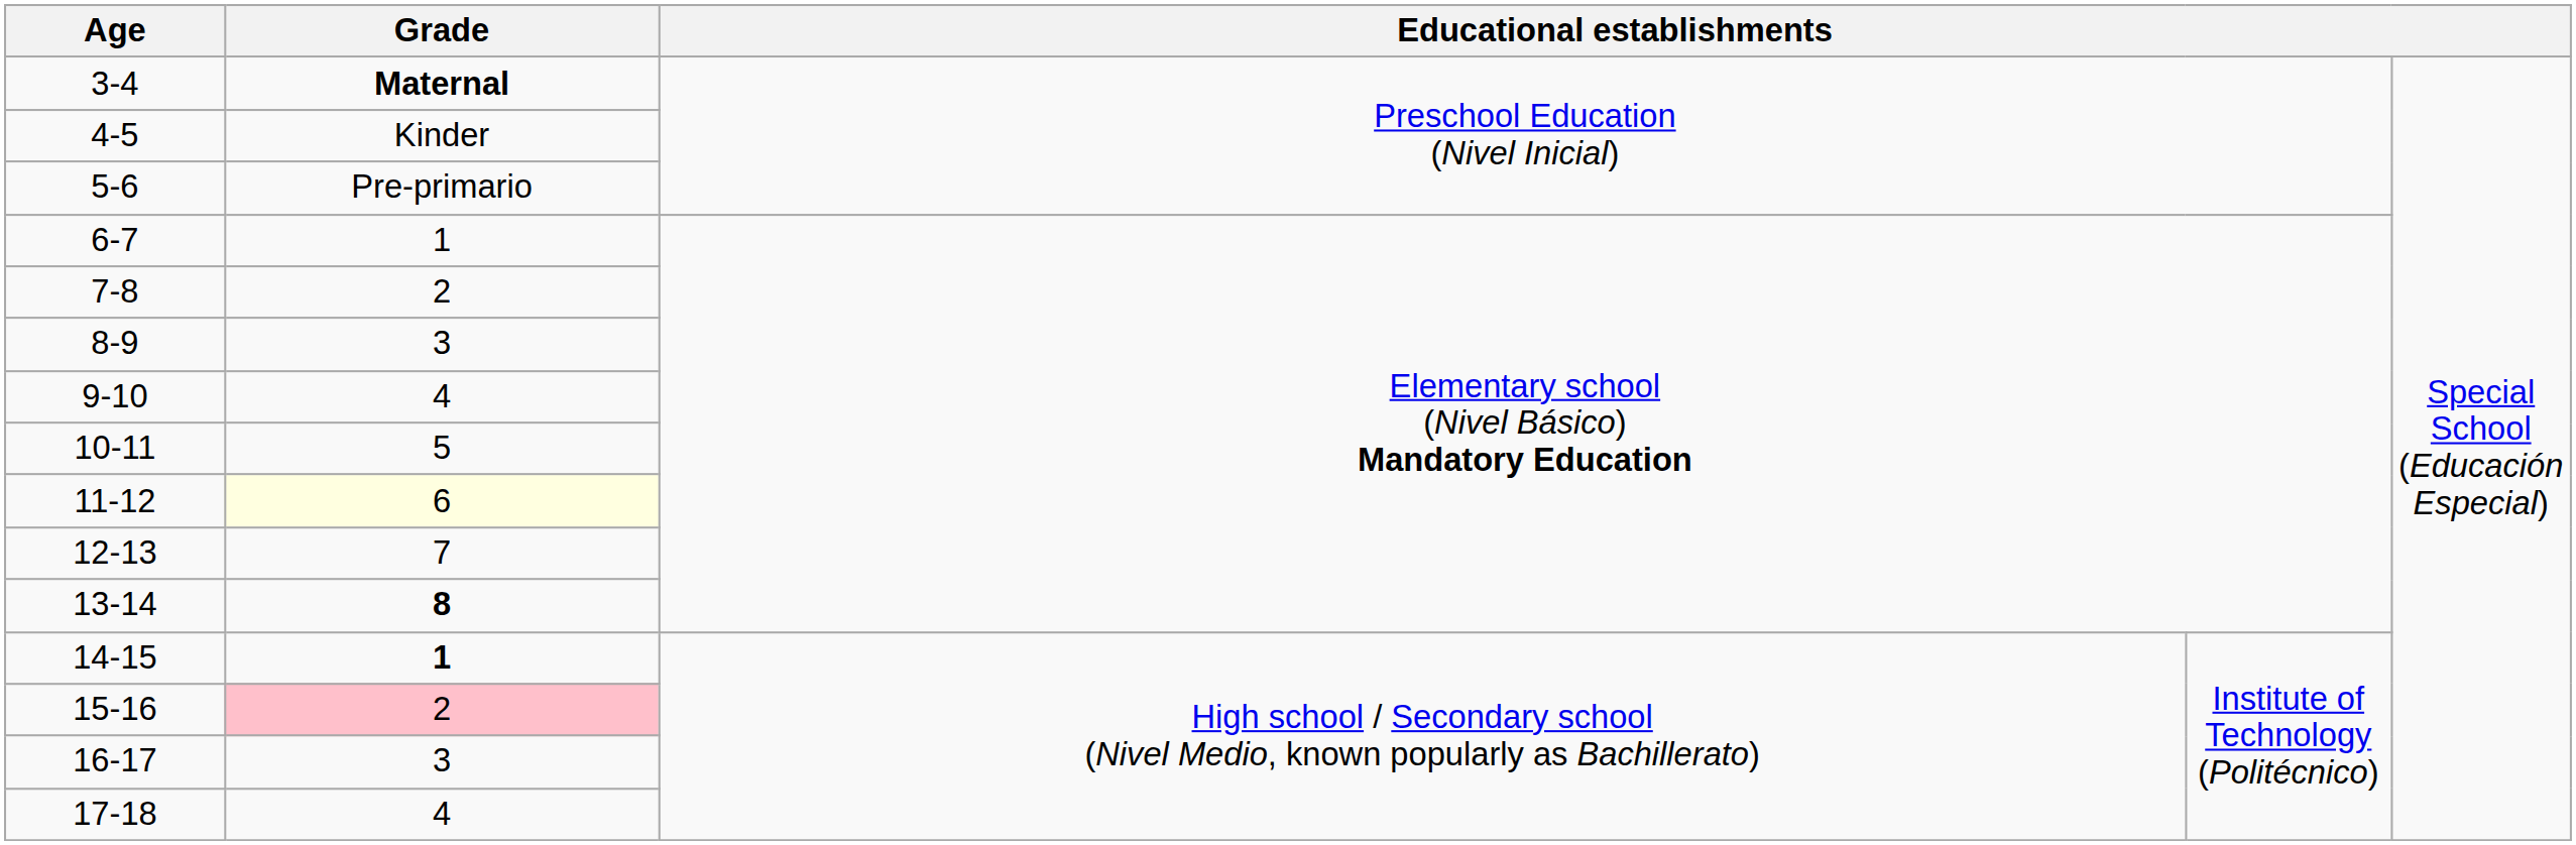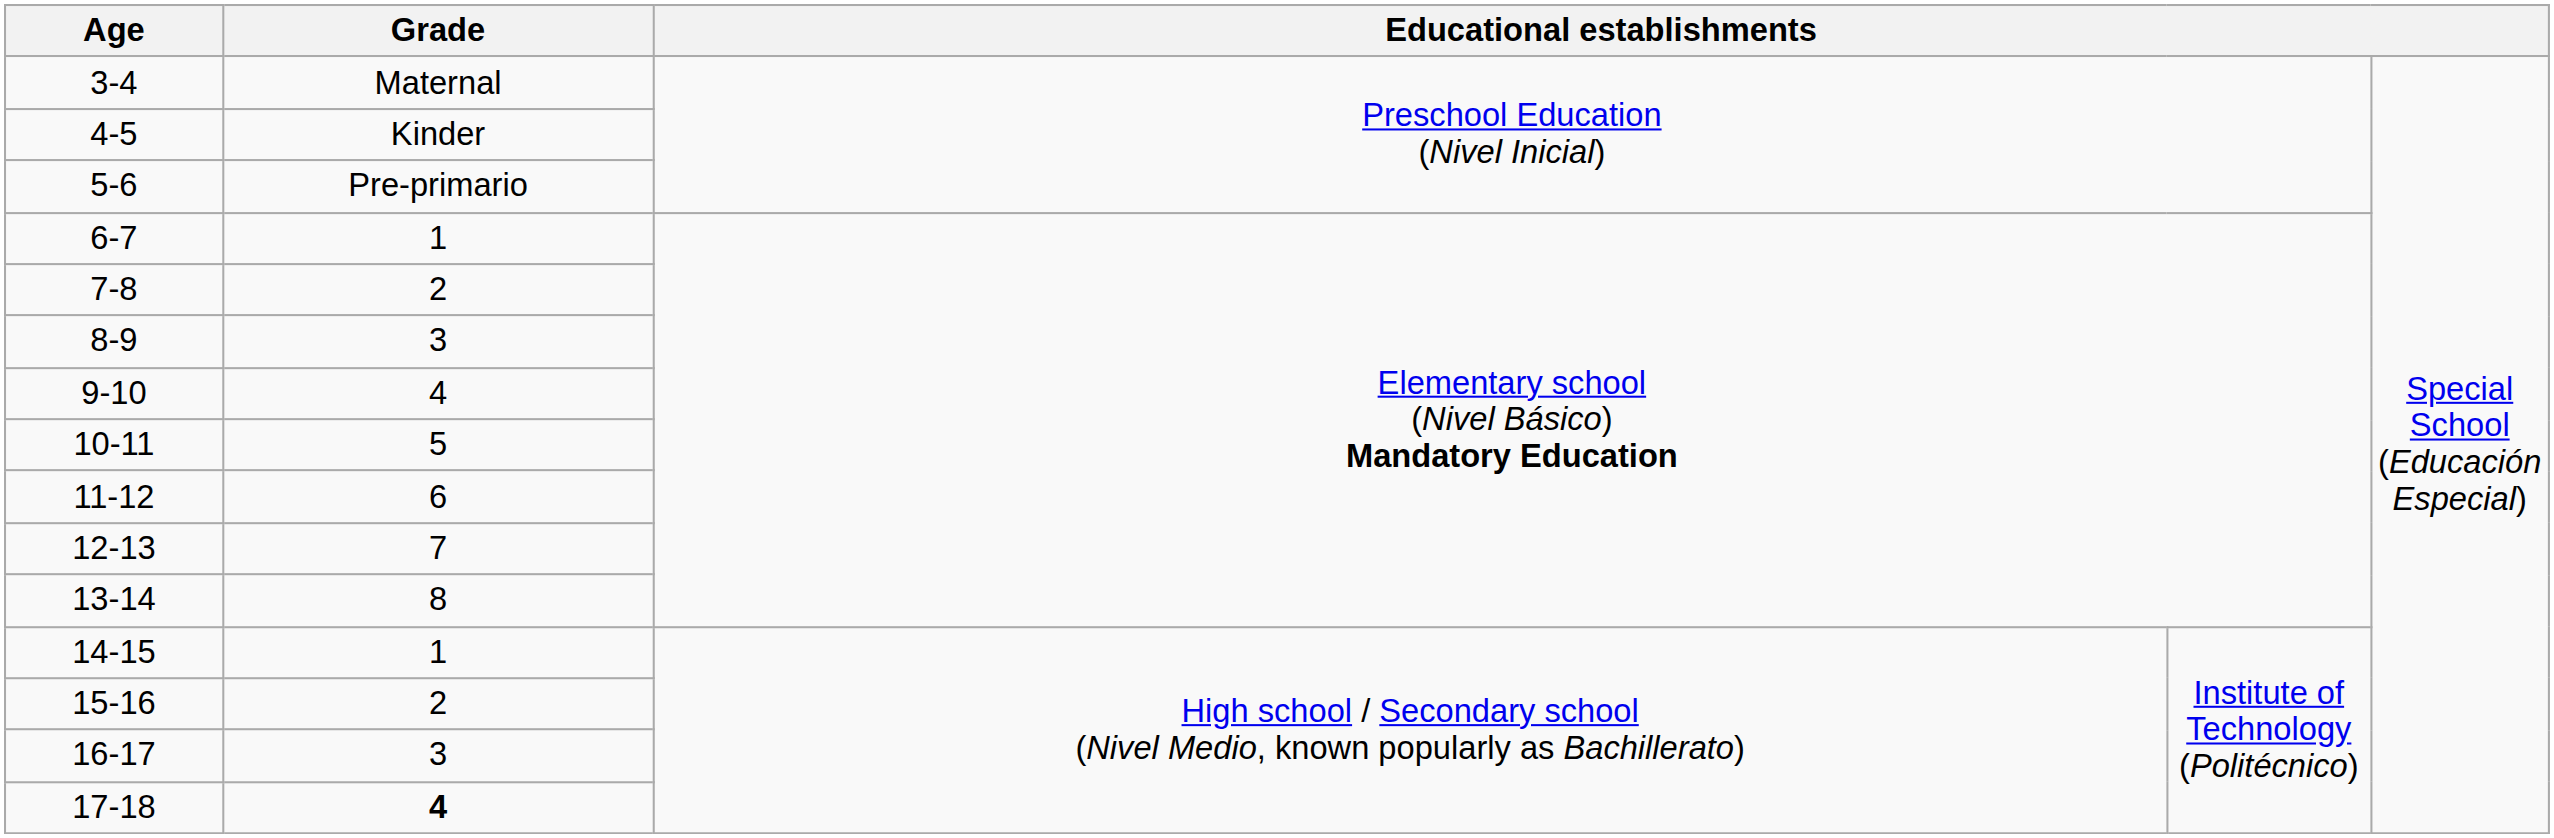 <table class="wikitable" style="text-align:center">
 <tr>
 <th>Age</th>
 <th>Grade</th>
 <th colspan=6>Educational establishments</th>
 </tr>
 <tr>
 <td>3-4</td>
-<td><strong>Maternal</strong></td>
+<td>Maternal</td>
 <td rowspan=3 colspan=5><a href='#'>Preschool Education</a><br>(<em>Nivel Inicial</em>)</td>
 <td rowspan="15" style="width:5%;"><a href='#'>Special School</a><br>(<em>Educación Especial</em>)</td>
 </tr>
 <tr>
 <td>4-5</td>
 <td>Kinder</td>
 </tr>
 <tr>
 <td>5-6</td>
 <td>Pre-primario</td>
 </tr>
 <tr>
 <td>6-7</td>
 <td>1</td>
 <td rowspan=8 colspan=5><a href='#'>Elementary school</a><br>(<em>Nivel Básico</em>)<br><strong>Mandatory Education</strong></td>
 </tr>
 <tr>
 <td>7-8</td>
 <td>2</td>
 </tr>
 <tr>
 <td>8-9</td>
 <td>3</td>
 </tr>
 <tr>
 <td>9-10</td>
 <td>4</td>
 </tr>
 <tr>
 <td>10-11</td>
 <td>5</td>
 </tr>
 <tr>
 <td>11-12</td>
-<td style="background: lightyellow;">6</td>
+<td>6</td>
 </tr>
 <tr>
 <td>12-13</td>
 <td>7</td>
 </tr>
 <tr>
 <td>13-14</td>
-<td><strong>8</strong></td>
+<td>8</td>
 </tr>
 <tr>
 <td>14-15</td>
-<td><strong>1</strong></td>
+<td>1</td>
 <td rowspan=4 colspan=4><a href='#'>High school</a> / <a href='#'>Secondary school</a><br>(<em>Nivel Medio</em>, known popularly as <em>Bachillerato</em>)</td>
 <td rowspan="4" style="width:8%;"><a href='#'>Institute of Technology</a><br>(<em>Politécnico</em>)</td>
 </tr>
 <tr>
 <td>15-16</td>
-<td style="background: pink;">2</td>
+<td>2</td>
 </tr>
 <tr>
 <td>16-17</td>
 <td>3</td>
 </tr>
 <tr>
 <td>17-18</td>
-<td>4</td>
+<td><strong>4</strong></td>
 </tr>
 </table>
